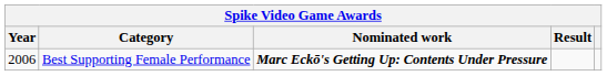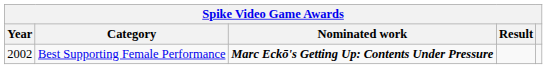 <table style-"width:80%;" class="wikitable">
 <tr>
 <th colspan="5" style="text-align:center;"><a href='#'>Spike Video Game Awards</a></th>
 </tr>
 <tr>
 <th>Year</th>
 <th>Category</th>
 <th>Nominated work</th>
 <th>Result</th>
 <th></th>
 </tr>
 <tr>
-<td style="text-align:center;">2006</td>
+<td style="text-align:center;">2002</td>
 <td><a href='#'>Best Supporting Female Performance</a></td>
 <td><strong><em>Marc Eckō's Getting Up: Contents Under Pressure</em></strong></td>
 <td></td>
 <td></td>
 </tr>
 </table>
